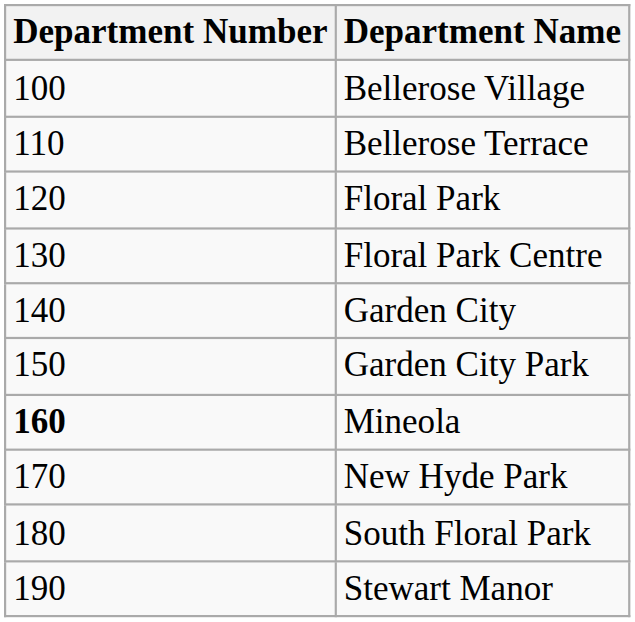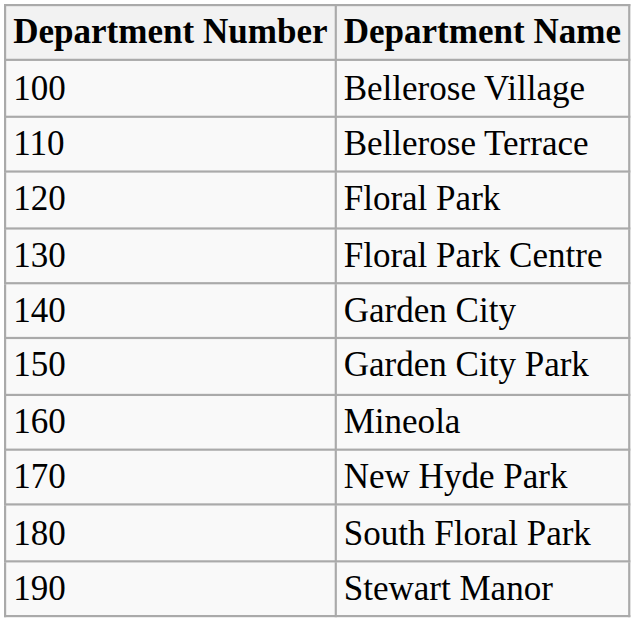 <table class="wikitable mw-collapsible">
 <tr valign="bottom">
 <th>Department Number</th>
 <th>Department Name</th>
 </tr>
 <tr>
 <td>100</td>
 <td>Bellerose Village</td>
 </tr>
 <tr>
 <td>110</td>
 <td>Bellerose Terrace</td>
 </tr>
 <tr>
 <td>120</td>
 <td>Floral Park</td>
 </tr>
 <tr>
 <td>130</td>
 <td>Floral Park Centre</td>
 </tr>
 <tr>
 <td>140</td>
 <td>Garden City</td>
 </tr>
 <tr>
 <td>150</td>
 <td>Garden City Park</td>
 </tr>
 <tr>
-<td><strong>160</strong></td>
+<td>160</td>
 <td>Mineola</td>
 </tr>
 <tr>
 <td>170</td>
 <td>New Hyde Park</td>
 </tr>
 <tr>
 <td>180</td>
 <td>South Floral Park</td>
 </tr>
 <tr>
 <td>190</td>
 <td>Stewart Manor</td>
 </tr>
 </table>
